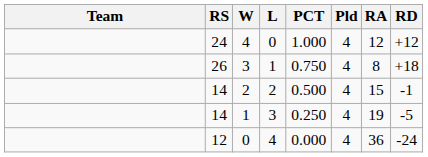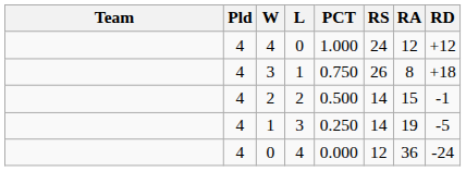 <table class=wikitable style="text-align:center">
 <tr>
 <th width=200>Team</th>
-<th width=20>RS</th>
+<th width=20>Pld</th>
 <th width=20>W</th>
 <th width=20>L</th>
 <th width=40>PCT</th>
-<th width=20>Pld</th>
+<th width=20>RS</th>
 <th width=20>RA</th>
 <th width=20>RD</th>
 </tr>
 <tr>
 <td align=left><strong></strong></td>
-<td>24</td>
+<td>4</td>
 <td>4</td>
 <td>0</td>
 <td>1.000</td>
-<td>4</td>
+<td>24</td>
 <td>12</td>
 <td>+12</td>
 </tr>
 <tr>
 <td align=left><strong></strong></td>
-<td>26</td>
+<td>4</td>
 <td>3</td>
 <td>1</td>
 <td>0.750</td>
-<td>4</td>
+<td>26</td>
 <td>8</td>
 <td>+18</td>
 </tr>
 <tr>
 <td align=left><strong></strong></td>
-<td>14</td>
+<td>4</td>
 <td>2</td>
 <td>2</td>
 <td>0.500</td>
-<td>4</td>
+<td>14</td>
 <td>15</td>
 <td>-1</td>
 </tr>
 <tr>
 <td align=left><strong></strong></td>
-<td>14</td>
+<td>4</td>
 <td>1</td>
 <td>3</td>
 <td>0.250</td>
-<td>4</td>
+<td>14</td>
 <td>19</td>
 <td>-5</td>
 </tr>
 <tr>
 <td align=left></td>
-<td>12</td>
+<td>4</td>
 <td>0</td>
 <td>4</td>
 <td>0.000</td>
-<td>4</td>
+<td>12</td>
 <td>36</td>
 <td>-24</td>
 </tr>
 </table>
